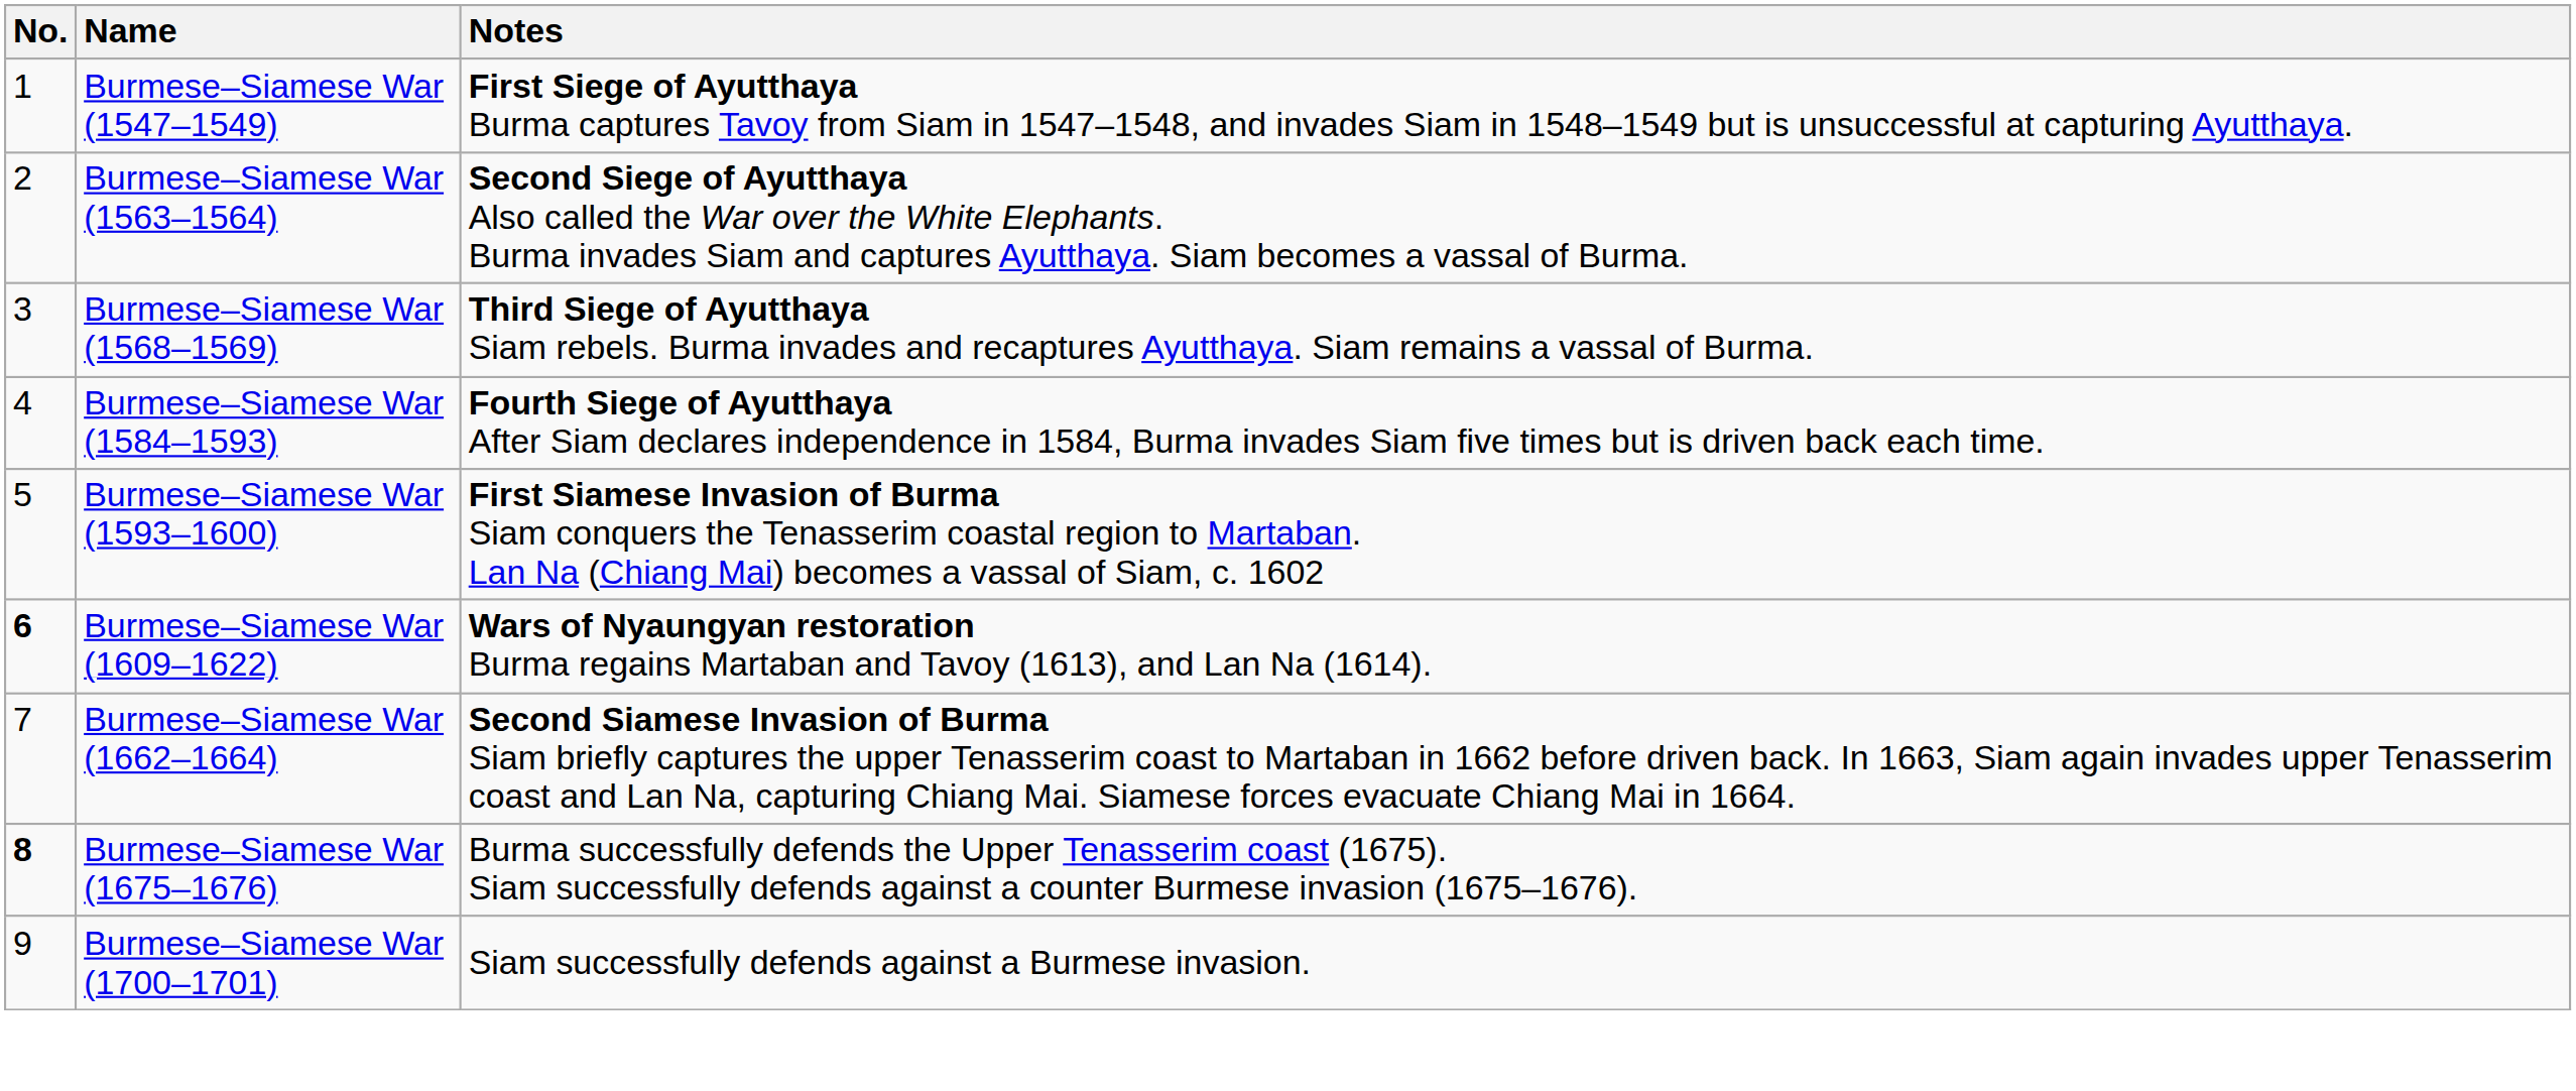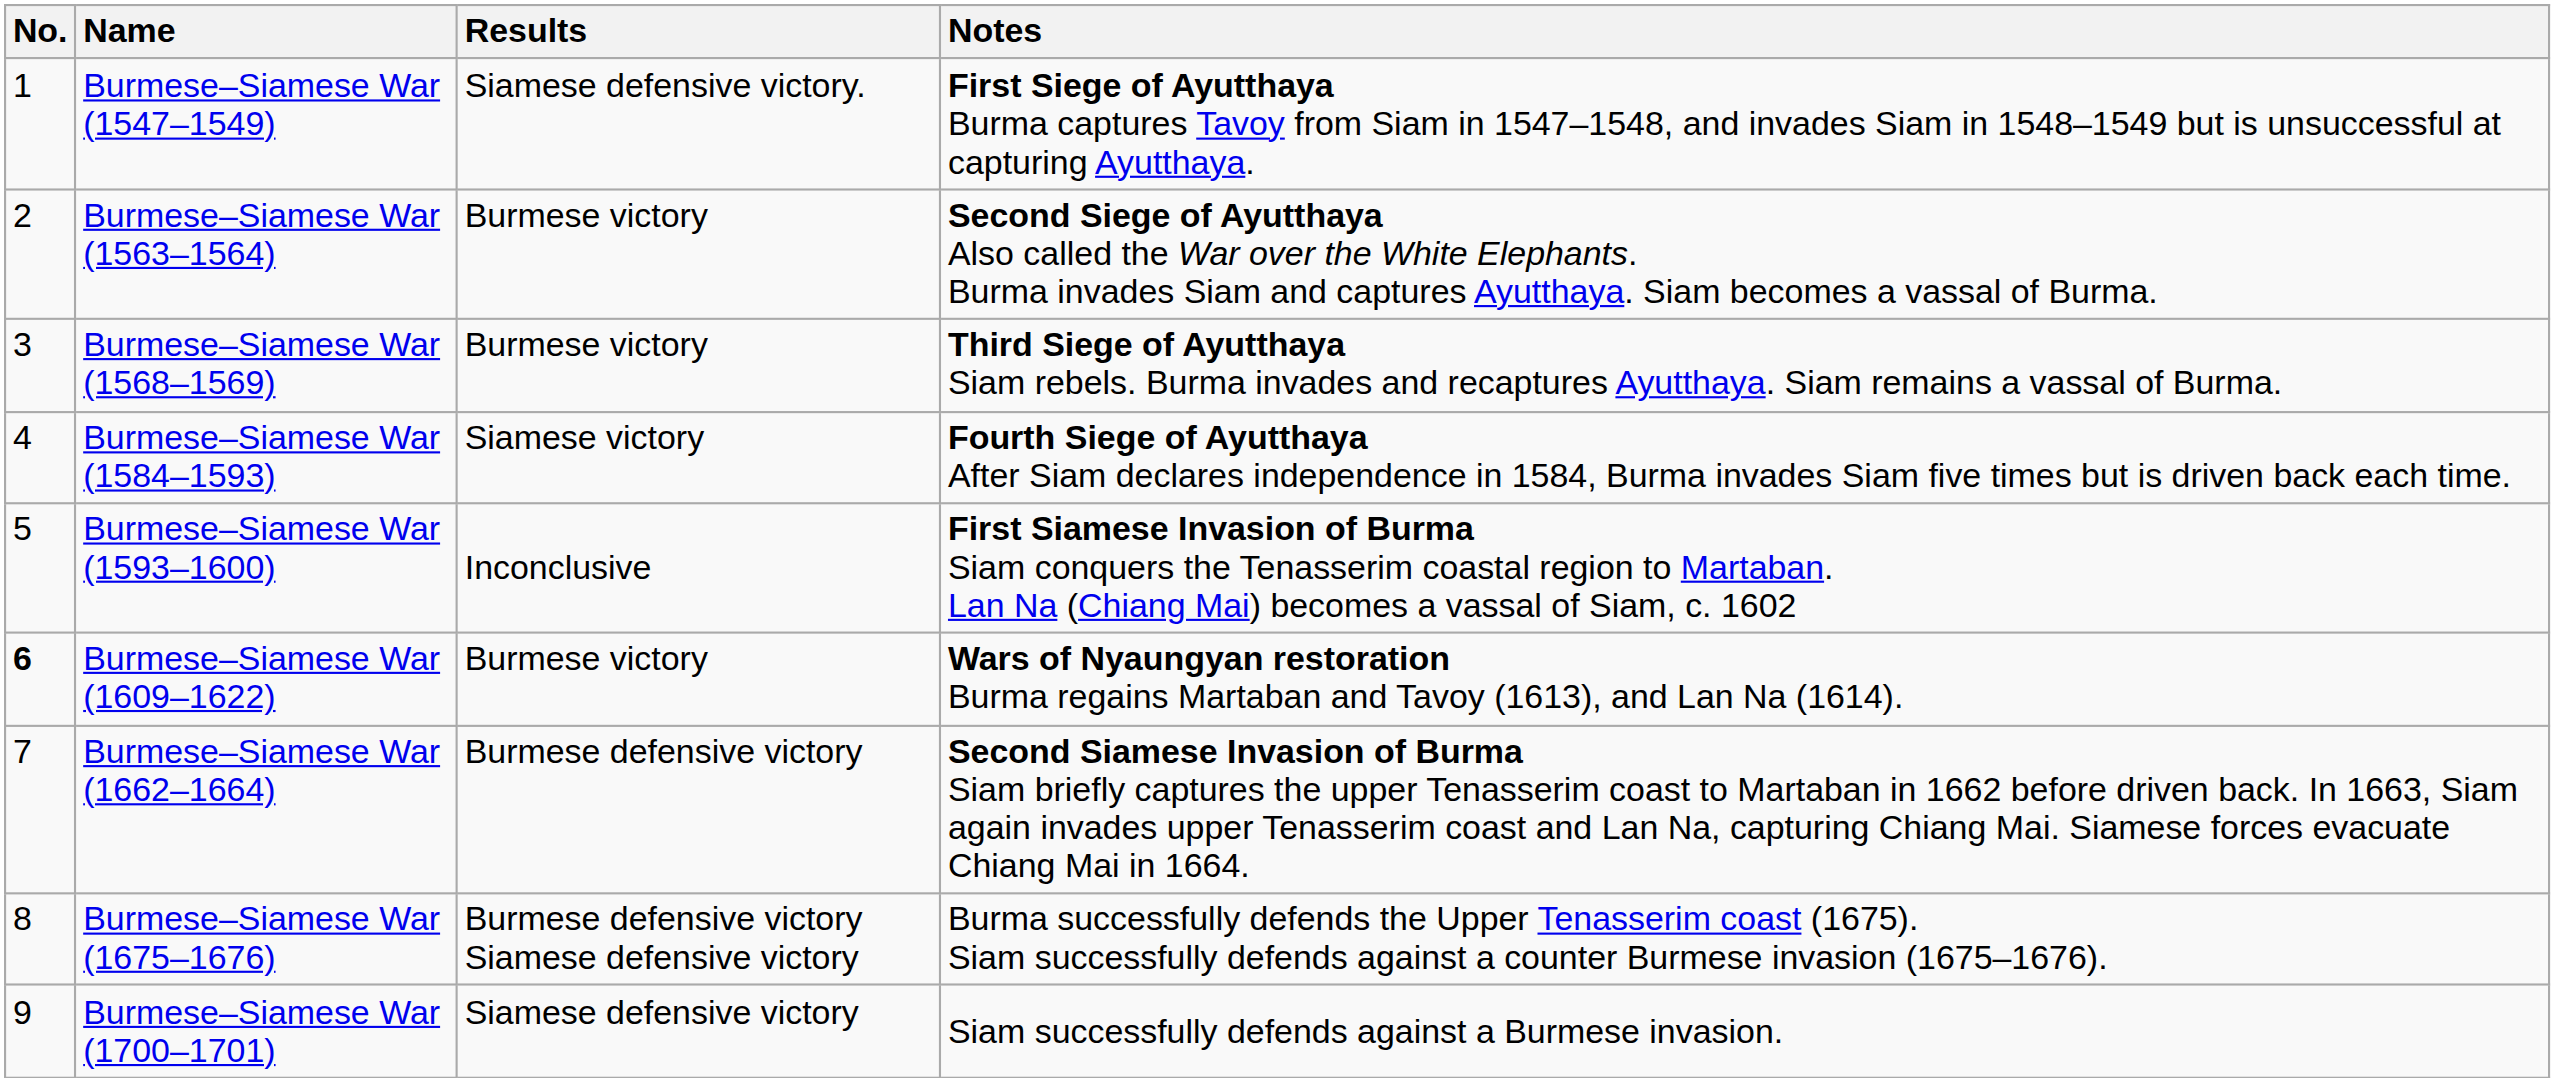 <table width=95% class="wikitable">
 <tr>
 <th style="text-align:left; width=1%">No.</th>
 <th width=15%; style="text-align:left">Name</th>
+<th width=19%; style="text-align:left;">Results</th>
 <th style="text-align:left; width=35%">Notes</th>
 </tr>
 <tr>
 <td style="vertical-align: top;">1</td>
 <td style="vertical-align: top;"><a href='#'>Burmese–Siamese War (1547–1549)</a></td>
+<td style="vertical-align: top;">Siamese defensive victory.</td>
 <td><strong>First Siege of Ayutthaya</strong><br>Burma captures <a href='#'>Tavoy</a> from Siam in 1547–1548, and invades Siam in 1548–1549 but is unsuccessful at capturing <a href='#'>Ayutthaya</a>.</td>
 </tr>
 <tr>
 <td style="vertical-align: top;">2</td>
 <td style="vertical-align: top;"><a href='#'>Burmese–Siamese War (1563–1564)</a></td>
+<td style="vertical-align: top;">Burmese victory</td>
 <td><strong>Second Siege of Ayutthaya</strong><br>Also called the <em>War over the White Elephants</em>.<br>Burma invades Siam and captures <a href='#'>Ayutthaya</a>. Siam becomes a vassal of Burma.</td>
 </tr>
 <tr>
 <td style="vertical-align: top;">3</td>
 <td style="vertical-align: top;"><a href='#'>Burmese–Siamese War (1568–1569)</a></td>
+<td style="vertical-align: top;">Burmese victory</td>
 <td><strong>Third Siege of Ayutthaya</strong><br>Siam rebels. Burma invades and recaptures <a href='#'>Ayutthaya</a>. Siam remains a vassal of Burma.</td>
 </tr>
 <tr>
 <td style="vertical-align: top;">4</td>
 <td style="vertical-align: top;"><a href='#'>Burmese–Siamese War (1584–1593)</a></td>
+<td style="vertical-align: top;">Siamese victory</td>
 <td><strong>Fourth Siege of Ayutthaya</strong><br>After Siam declares independence in 1584, Burma invades Siam five times but is driven back each time.</td>
 </tr>
 <tr>
 <td style="vertical-align: top;">5</td>
 <td style="vertical-align: top;"><a href='#'>Burmese–Siamese War (1593–1600)</a></td>
+<td style="vertical-align: top;"><br>Inconclusive</td>
 <td><strong>First Siamese Invasion of Burma</strong><br>Siam conquers the Tenasserim coastal region to <a href='#'>Martaban</a>.<br><a href='#'>Lan Na</a> (<a href='#'>Chiang Mai</a>) becomes a vassal of Siam, c. 1602</td>
 </tr>
 <tr>
 <td style="vertical-align: top;"><strong>6</strong></td>
 <td style="vertical-align: top;"><a href='#'>Burmese–Siamese War (1609–1622)</a></td>
+<td style="vertical-align: top;">Burmese victory</td>
 <td><strong>Wars of Nyaungyan restoration</strong><br> Burma regains Martaban and Tavoy (1613), and Lan Na (1614).</td>
 </tr>
 <tr>
 <td style="vertical-align: top;">7</td>
 <td style="vertical-align: top;"><a href='#'>Burmese–Siamese War (1662–1664)</a></td>
+<td style="vertical-align: top;">Burmese defensive victory</td>
 <td><strong>Second Siamese Invasion of Burma</strong><br> Siam briefly captures the upper Tenasserim coast to Martaban in 1662 before driven back. In 1663, Siam again invades upper Tenasserim coast and Lan Na, capturing Chiang Mai. Siamese forces evacuate Chiang Mai in 1664.</td>
 </tr>
 <tr>
-<td style="vertical-align: top;"><strong>8</strong></td>
+<td style="vertical-align: top;">8</td>
 <td style="vertical-align: top;"><a href='#'>Burmese–Siamese War (1675–1676)</a></td>
+<td style="vertical-align: top;">Burmese defensive victory<br>Siamese defensive victory</td>
 <td>Burma successfully defends the Upper <a href='#'>Tenasserim coast</a> (1675).<br>Siam successfully defends against a counter Burmese invasion (1675–1676).</td>
 </tr>
 <tr>
 <td style="vertical-align: top;">9</td>
 <td style="vertical-align: top;"><a href='#'>Burmese–Siamese War (1700–1701)</a></td>
+<td style="vertical-align: top;">Siamese defensive victory</td>
 <td>Siam successfully defends against a Burmese invasion.</td>
 </tr>
 </table>
